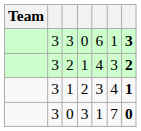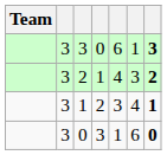 <table class=wikitable style="text-align:center">
 <tr>
 <th>Team</th>
 <th></th>
 <th></th>
 <th></th>
 <th></th>
 <th></th>
 <th></th>
 </tr>
 <tr bgcolor=ccffcc>
 <td style="text-align:left"></td>
 <td>3</td>
 <td>3</td>
 <td>0</td>
 <td>6</td>
 <td>1</td>
 <td><strong>3</strong></td>
 </tr>
 <tr bgcolor=ccffcc>
 <td style="text-align:left"></td>
 <td>3</td>
 <td>2</td>
 <td>1</td>
 <td>4</td>
 <td>3</td>
 <td><strong>2</strong></td>
 </tr>
 <tr>
 <td style="text-align:left"></td>
 <td>3</td>
 <td>1</td>
 <td>2</td>
 <td>3</td>
 <td>4</td>
 <td><strong>1</strong></td>
 </tr>
 <tr>
 <td style="text-align:left"></td>
 <td>3</td>
 <td>0</td>
 <td>3</td>
 <td>1</td>
-<td>7</td>
+<td>6</td>
 <td><strong>0</strong></td>
 </tr>
 </table>
